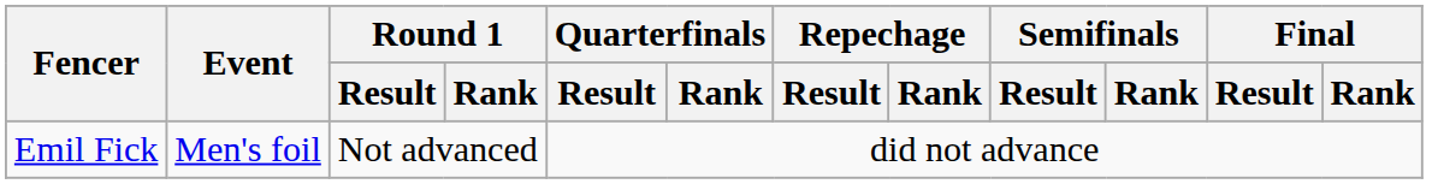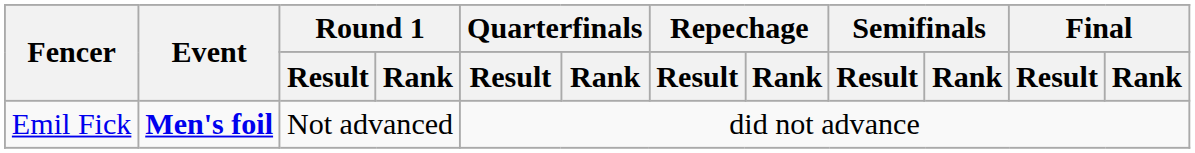 <table class=wikitable>
 <tr>
 <th rowspan=2>Fencer</th>
 <th rowspan=2>Event</th>
 <th colspan=2>Round 1</th>
 <th colspan=2>Quarterfinals</th>
 <th colspan=2>Repechage</th>
 <th colspan=2>Semifinals</th>
 <th colspan=2>Final</th>
 </tr>
 <tr>
 <th>Result</th>
 <th>Rank</th>
 <th>Result</th>
 <th>Rank</th>
 <th>Result</th>
 <th>Rank</th>
 <th>Result</th>
 <th>Rank</th>
 <th>Result</th>
 <th>Rank</th>
 </tr>
 <tr align=center>
 <td align=left><a href='#'>Emil Fick</a></td>
-<td><a href='#'>Men's foil</a></td>
+<td><strong><a href='#'>Men's foil</a></strong></td>
 <td colspan=2>Not advanced</td>
 <td colspan=8>did not advance</td>
 </tr>
 </table>
